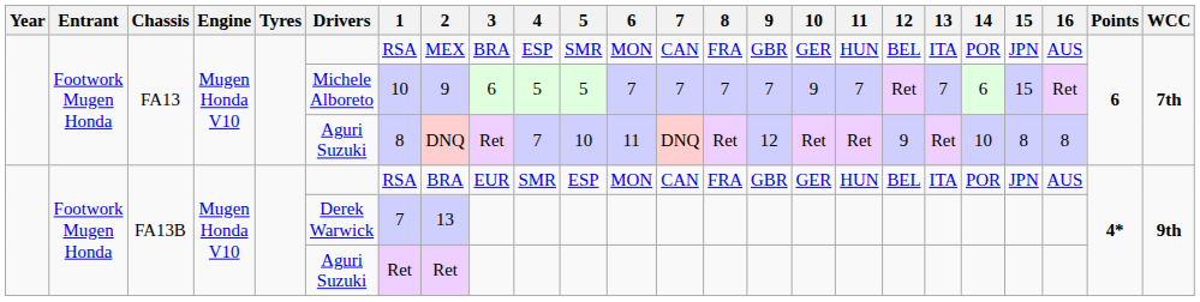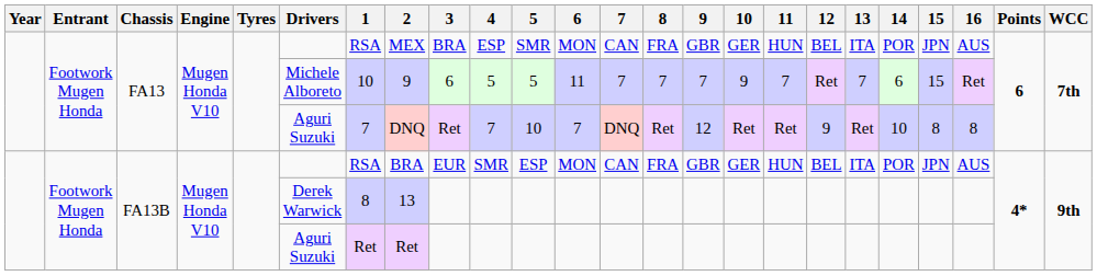 <table class="wikitable" style="text-align:center; font-size:95%">
 <tr>
 <th>Year</th>
 <th>Entrant</th>
 <th>Chassis</th>
 <th>Engine</th>
 <th>Tyres</th>
 <th>Drivers</th>
 <th>1</th>
 <th>2</th>
 <th>3</th>
 <th>4</th>
 <th>5</th>
 <th>6</th>
 <th>7</th>
 <th>8</th>
 <th>9</th>
 <th>10</th>
 <th>11</th>
 <th>12</th>
 <th>13</th>
 <th>14</th>
 <th>15</th>
 <th>16</th>
 <th>Points</th>
 <th>WCC</th>
 </tr>
 <tr>
 <td rowspan="3"></td>
 <td rowspan="3"><a href='#'>Footwork Mugen Honda</a></td>
 <td rowspan="3">FA13</td>
 <td rowspan="3"><a href='#'>Mugen Honda</a> <a href='#'>V10</a></td>
 <td rowspan="3"></td>
 <td></td>
 <td><a href='#'>RSA</a></td>
 <td><a href='#'>MEX</a></td>
 <td><a href='#'>BRA</a></td>
 <td><a href='#'>ESP</a></td>
 <td><a href='#'>SMR</a></td>
 <td><a href='#'>MON</a></td>
 <td><a href='#'>CAN</a></td>
 <td><a href='#'>FRA</a></td>
 <td><a href='#'>GBR</a></td>
 <td><a href='#'>GER</a></td>
 <td><a href='#'>HUN</a></td>
 <td><a href='#'>BEL</a></td>
 <td><a href='#'>ITA</a></td>
 <td><a href='#'>POR</a></td>
 <td><a href='#'>JPN</a></td>
 <td><a href='#'>AUS</a></td>
 <td rowspan="3"><strong>6</strong></td>
 <td rowspan="3"><strong>7th</strong></td>
 </tr>
 <tr>
 <td><a href='#'>Michele Alboreto</a></td>
 <td style="background:#CFCFFF;">10</td>
 <td style="background:#CFCFFF;">9</td>
 <td style="background:#DFFFDF;">6</td>
 <td style="background:#DFFFDF;">5</td>
 <td style="background:#DFFFDF;">5</td>
-<td style="background:#CFCFFF;">7</td>
+<td style="background:#CFCFFF;">11</td>
 <td style="background:#CFCFFF;">7</td>
 <td style="background:#CFCFFF;">7</td>
 <td style="background:#CFCFFF;">7</td>
 <td style="background:#CFCFFF;">9</td>
 <td style="background:#CFCFFF;">7</td>
 <td style="background:#EFCFFF;">Ret</td>
 <td style="background:#CFCFFF;">7</td>
 <td style="background:#DFFFDF;">6</td>
 <td style="background:#CFCFFF;">15</td>
 <td style="background:#EFCFFF;">Ret</td>
 </tr>
 <tr>
 <td><a href='#'>Aguri Suzuki</a></td>
-<td style="background:#CFCFFF;">8</td>
+<td style="background:#CFCFFF;">7</td>
 <td style="background:#FFCFCF;">DNQ</td>
 <td style="background:#EFCFFF;">Ret</td>
 <td style="background:#CFCFFF;">7</td>
 <td style="background:#CFCFFF;">10</td>
-<td style="background:#CFCFFF;">11</td>
+<td style="background:#CFCFFF;">7</td>
 <td style="background:#FFCFCF;">DNQ</td>
 <td style="background:#EFCFFF;">Ret</td>
 <td style="background:#CFCFFF;">12</td>
 <td style="background:#EFCFFF;">Ret</td>
 <td style="background:#EFCFFF;">Ret</td>
 <td style="background:#CFCFFF;">9</td>
 <td style="background:#EFCFFF;">Ret</td>
 <td style="background:#CFCFFF;">10</td>
 <td style="background:#CFCFFF;">8</td>
 <td style="background:#CFCFFF;">8</td>
 </tr>
 <tr>
 <td rowspan="3"></td>
 <td rowspan="3"><a href='#'>Footwork Mugen Honda</a></td>
 <td rowspan="3">FA13B</td>
 <td rowspan="3"><a href='#'>Mugen Honda</a> <a href='#'>V10</a></td>
 <td rowspan="3"></td>
 <td></td>
 <td><a href='#'>RSA</a></td>
 <td><a href='#'>BRA</a></td>
 <td><a href='#'>EUR</a></td>
 <td><a href='#'>SMR</a></td>
 <td><a href='#'>ESP</a></td>
 <td><a href='#'>MON</a></td>
 <td><a href='#'>CAN</a></td>
 <td><a href='#'>FRA</a></td>
 <td><a href='#'>GBR</a></td>
 <td><a href='#'>GER</a></td>
 <td><a href='#'>HUN</a></td>
 <td><a href='#'>BEL</a></td>
 <td><a href='#'>ITA</a></td>
 <td><a href='#'>POR</a></td>
 <td><a href='#'>JPN</a></td>
 <td><a href='#'>AUS</a></td>
 <td rowspan="3"><strong>4*</strong></td>
 <td rowspan="3"><strong>9th</strong></td>
 </tr>
 <tr>
 <td><a href='#'>Derek Warwick</a></td>
-<td style="background:#CFCFFF;">7</td>
+<td style="background:#CFCFFF;">8</td>
 <td style="background:#CFCFFF;">13</td>
 <td></td>
 <td></td>
 <td></td>
 <td></td>
 <td></td>
 <td></td>
 <td></td>
 <td></td>
 <td></td>
 <td></td>
 <td></td>
 <td></td>
 <td></td>
 <td></td>
 </tr>
 <tr>
 <td><a href='#'>Aguri Suzuki</a></td>
 <td style="background:#EFCFFF;">Ret</td>
 <td style="background:#EFCFFF;">Ret</td>
 <td></td>
 <td></td>
 <td></td>
 <td></td>
 <td></td>
 <td></td>
 <td></td>
 <td></td>
 <td></td>
 <td></td>
 <td></td>
 <td></td>
 <td></td>
 <td></td>
 </tr>
 </table>
